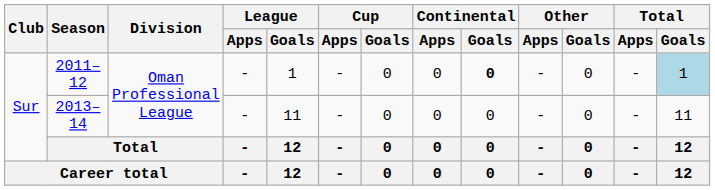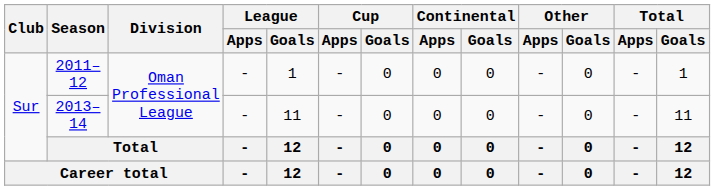 <table class="wikitable" style="text-align: center;">
 <tr>
 <th rowspan="2">Club</th>
 <th rowspan="2">Season</th>
 <th rowspan="2">Division</th>
 <th colspan="2">League</th>
 <th colspan="2">Cup</th>
 <th colspan="2">Continental</th>
 <th colspan="2">Other</th>
 <th colspan="2">Total</th>
 </tr>
 <tr>
 <th>Apps</th>
 <th>Goals</th>
 <th>Apps</th>
 <th>Goals</th>
 <th>Apps</th>
 <th>Goals</th>
 <th>Apps</th>
 <th>Goals</th>
 <th>Apps</th>
 <th>Goals</th>
 </tr>
 <tr>
 <td rowspan="3"><a href='#'>Sur</a></td>
 <td><a href='#'>2011–12</a></td>
 <td rowspan="2"><a href='#'>Oman Professional League</a></td>
 <td>-</td>
 <td>1</td>
 <td>-</td>
 <td>0</td>
 <td>0</td>
-<td><strong>0</strong></td>
+<td>0</td>
 <td>-</td>
 <td>0</td>
 <td>-</td>
-<td style="background: lightblue;">1</td>
+<td>1</td>
 </tr>
 <tr>
 <td><a href='#'>2013–14</a></td>
 <td>-</td>
 <td>11</td>
 <td>-</td>
 <td>0</td>
 <td>0</td>
 <td>0</td>
 <td>-</td>
 <td>0</td>
 <td>-</td>
 <td>11</td>
 </tr>
 <tr>
 <th colspan="2">Total</th>
 <th>-</th>
 <th>12</th>
 <th>-</th>
 <th>0</th>
 <th>0</th>
 <th>0</th>
 <th>-</th>
 <th>0</th>
 <th>-</th>
 <th>12</th>
 </tr>
 <tr>
 <th colspan="3">Career total</th>
 <th>-</th>
 <th>12</th>
 <th>-</th>
 <th>0</th>
 <th>0</th>
 <th>0</th>
 <th>-</th>
 <th>0</th>
 <th>-</th>
 <th>12</th>
 </tr>
 </table>
